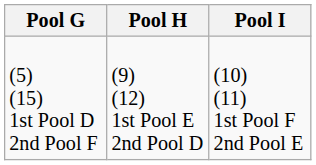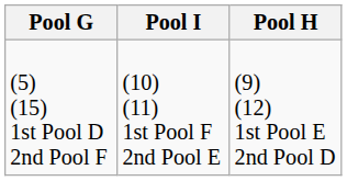 <table class="wikitable">
 <tr>
 <th width=33%>Pool G</th>
+<th width=33%>Pool I</th>
 <th width=33%>Pool H</th>
-<th width=33%>Pool I</th>
 </tr>
 <tr>
 <td><br> (5)<br>  (15)<br> 1st Pool D<br> 2nd Pool F</td>
+<td><br> (10)<br>  (11)<br> 1st Pool F<br> 2nd Pool E</td>
 <td><br> (9)<br>  (12)<br> 1st Pool E<br> 2nd Pool D</td>
-<td><br> (10)<br>  (11)<br> 1st Pool F<br> 2nd Pool E</td>
 </tr>
 </table>
